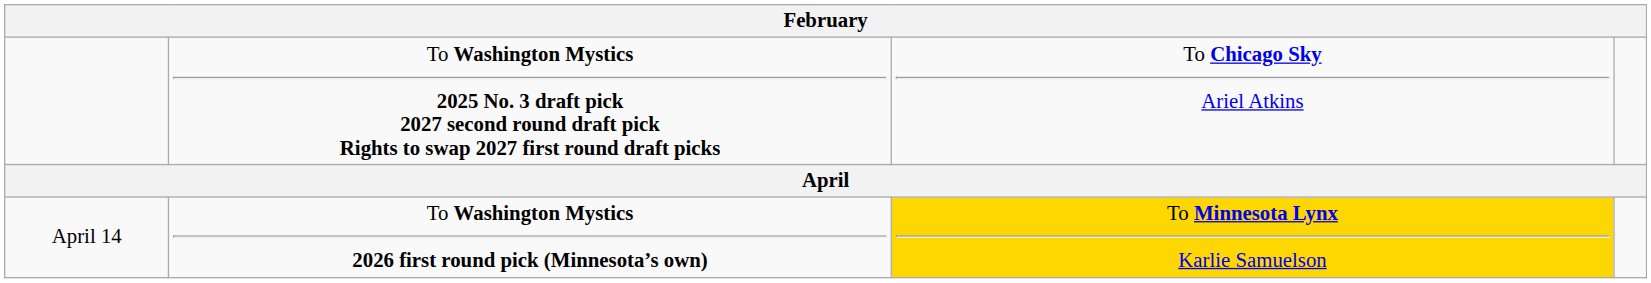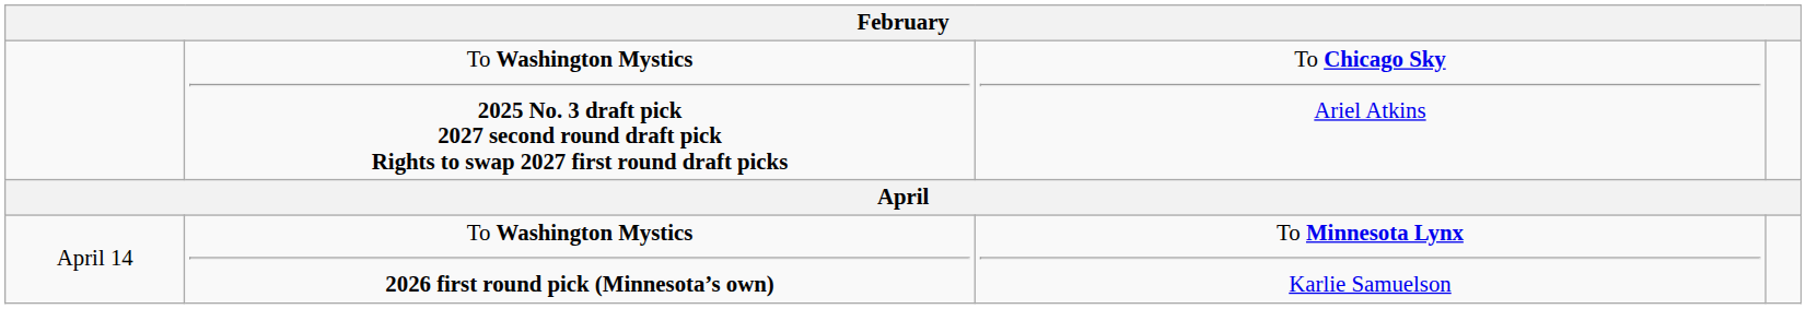 <table class="wikitable sortable" style="width:100%; text-align: center">
 <tr>
 <th colspan="4">February</th>
 </tr>
 <tr>
 <td style="width:10%"></td>
 <td style="width:44%; vertical-align:top;">To <strong>Washington Mystics</strong><hr><strong>2025 No. 3 draft pick<br>2027 second round draft pick<br>Rights to swap 2027 first round draft picks</strong></td>
 <td style="width:44%; vertical-align:top;">To <strong><a href='#'>Chicago Sky</a></strong><hr><a href='#'>Ariel Atkins</a></td>
 <td></td>
 </tr>
 <tr>
 <th colspan="4">April</th>
 </tr>
 <tr>
 <td>April 14</td>
 <td style="width:44%; vertical-align:top;">To <strong>Washington Mystics</strong><hr><strong>2026 first round pick (Minnesota’s own)</strong></td>
-<td style="background: gold; width:44%; vertical-align:top;">To <strong><a href='#'>Minnesota Lynx</a></strong><hr><a href='#'>Karlie Samuelson</a></td>
+<td style="width:44%; vertical-align:top;">To <strong><a href='#'>Minnesota Lynx</a></strong><hr><a href='#'>Karlie Samuelson</a></td>
 <td></td>
 </tr>
 </table>
